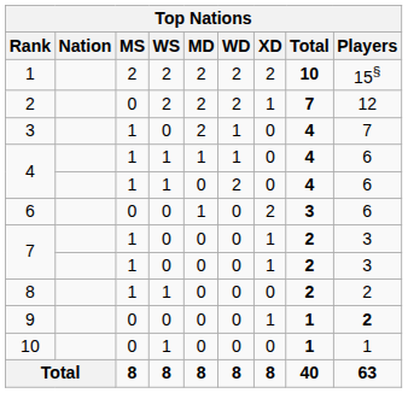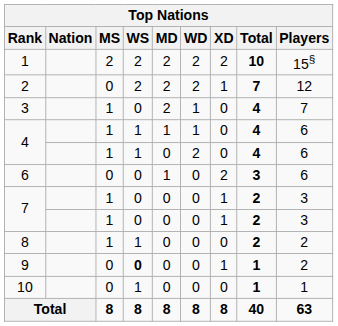 <table class="wikitable" style="text-align:center">
 <tr>
 <th colspan=10>Top Nations</th>
 </tr>
 <tr>
 <th>Rank</th>
 <th>Nation</th>
 <th>MS</th>
 <th>WS</th>
 <th>MD</th>
 <th>WD</th>
 <th>XD</th>
 <th>Total</th>
 <th>Players</th>
 </tr>
 <tr>
 <td>1</td>
 <td align=left></td>
 <td>2</td>
 <td>2</td>
 <td>2</td>
 <td>2</td>
 <td>2</td>
 <td><strong>10</strong></td>
 <td>15<sup>§</sup></td>
 </tr>
 <tr>
 <td>2</td>
 <td align=left></td>
 <td>0</td>
 <td>2</td>
 <td>2</td>
 <td>2</td>
 <td>1</td>
 <td><strong>7</strong></td>
 <td>12</td>
 </tr>
 <tr align=center>
 <td>3</td>
 <td align=left></td>
 <td>1</td>
 <td>0</td>
 <td>2</td>
 <td>1</td>
 <td>0</td>
 <td><strong>4</strong></td>
 <td>7</td>
 </tr>
 <tr align=center>
 <td rowspan=2>4</td>
 <td align=left></td>
 <td>1</td>
 <td>1</td>
 <td>1</td>
 <td>1</td>
 <td>0</td>
 <td><strong>4</strong></td>
 <td>6</td>
 </tr>
 <tr align=center>
 <td align=left></td>
 <td>1</td>
 <td>1</td>
 <td>0</td>
 <td>2</td>
 <td>0</td>
 <td><strong>4</strong></td>
 <td>6</td>
 </tr>
 <tr align=center>
 <td>6</td>
 <td align=left></td>
 <td>0</td>
 <td>0</td>
 <td>1</td>
 <td>0</td>
 <td>2</td>
 <td><strong>3</strong></td>
 <td>6</td>
 </tr>
 <tr align=center>
 <td rowspan=2>7</td>
 <td align=left></td>
 <td>1</td>
 <td>0</td>
 <td>0</td>
 <td>0</td>
 <td>1</td>
 <td><strong>2</strong></td>
 <td>3</td>
 </tr>
 <tr align=center>
 <td align=left></td>
 <td>1</td>
 <td>0</td>
 <td>0</td>
 <td>0</td>
 <td>1</td>
 <td><strong>2</strong></td>
 <td>3</td>
 </tr>
 <tr align=center>
 <td>8</td>
 <td align=left></td>
 <td>1</td>
 <td>1</td>
 <td>0</td>
 <td>0</td>
 <td>0</td>
 <td><strong>2</strong></td>
 <td>2</td>
 </tr>
 <tr align=center>
 <td>9</td>
 <td align=left></td>
 <td>0</td>
-<td>0</td>
+<td><strong>0</strong></td>
 <td>0</td>
 <td>0</td>
 <td>1</td>
 <td><strong>1</strong></td>
-<td><strong>2</strong></td>
+<td>2</td>
 </tr>
 <tr align=center>
 <td>10</td>
 <td align=left></td>
 <td>0</td>
 <td>1</td>
 <td>0</td>
 <td>0</td>
 <td>0</td>
 <td><strong>1</strong></td>
 <td>1</td>
 </tr>
 <tr>
 <th colspan=2>Total</th>
 <td><strong>8</strong></td>
 <td><strong>8</strong></td>
 <td><strong>8</strong></td>
 <td><strong>8</strong></td>
 <td><strong>8</strong></td>
 <td><strong>40</strong></td>
 <td><strong>63</strong></td>
 </tr>
 </table>
